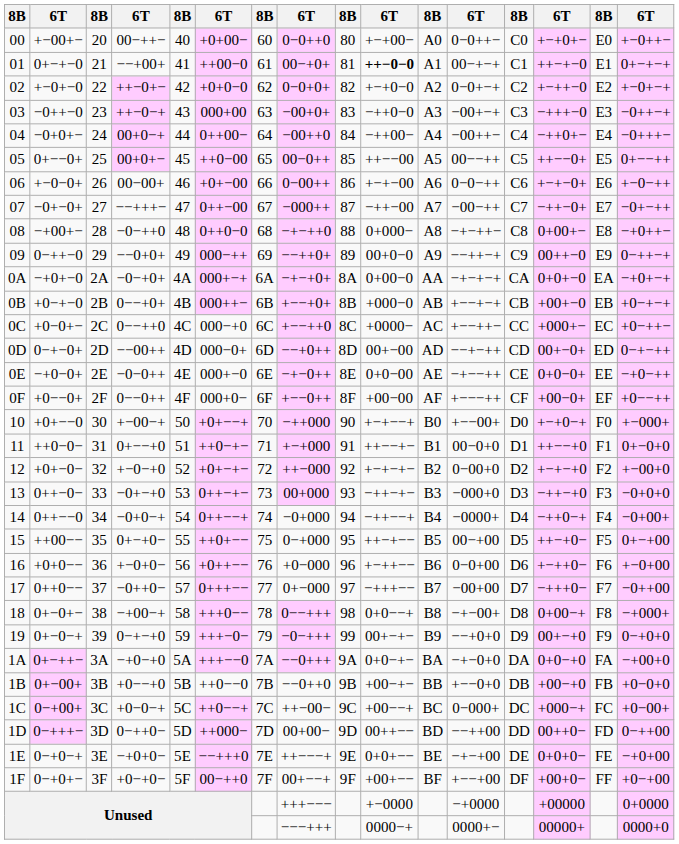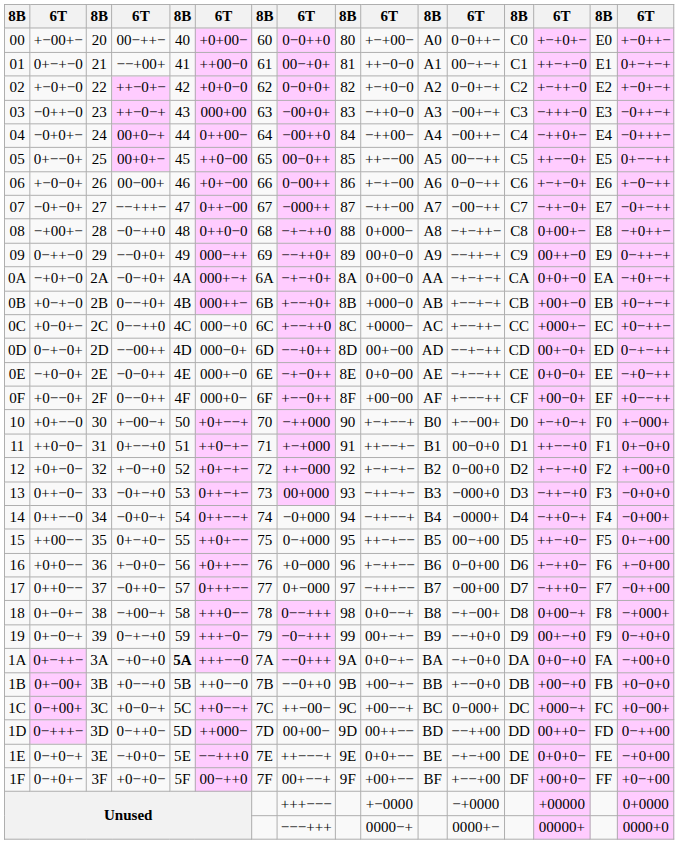 <table class=wikitable style="text-align:center">
 <tr>
 <th>8B</th>
 <th>6T</th>
 <th>8B</th>
 <th>6T</th>
 <th>8B</th>
 <th>6T</th>
 <th>8B</th>
 <th>6T</th>
 <th>8B</th>
 <th>6T</th>
 <th>8B</th>
 <th>6T</th>
 <th>8B</th>
 <th>6T</th>
 <th>8B</th>
 <th>6T</th>
 </tr>
 <tr>
 <td>00</td>
 <td>+−00+−</td>
 <td>20</td>
 <td>00−++−</td>
 <td>40</td>
 <td style="background:#fcf">+0+00−</td>
 <td>60</td>
 <td style="background:#fcf">0−0++0</td>
 <td>80</td>
 <td>+−+00−</td>
 <td>A0</td>
 <td>0−0++−</td>
 <td>C0</td>
 <td style="background:#fcf">+−+0+−</td>
 <td>E0</td>
 <td style="background:#fcf">+−0++−</td>
 </tr>
 <tr>
 <td>01</td>
 <td>0+−+−0</td>
 <td>21</td>
 <td>−−+00+</td>
 <td>41</td>
 <td style="background:#fcf">++00−0</td>
 <td>61</td>
 <td style="background:#fcf">00−+0+</td>
 <td>81</td>
-<td><strong>++−0−0</strong></td>
+<td>++−0−0</td>
 <td>A1</td>
 <td>00−+−+</td>
 <td>C1</td>
 <td style="background:#fcf">++−+−0</td>
 <td>E1</td>
 <td style="background:#fcf">0+−+−+</td>
 </tr>
 <tr>
 <td>02</td>
 <td>+−0+−0</td>
 <td>22</td>
 <td style="background:#fcf">++−0+−</td>
 <td>42</td>
 <td style="background:#fcf">+0+0−0</td>
 <td>62</td>
 <td style="background:#fcf">0−0+0+</td>
 <td>82</td>
 <td>+−+0−0</td>
 <td>A2</td>
 <td>0−0+−+</td>
 <td>C2</td>
 <td style="background:#fcf">+−++−0</td>
 <td>E2</td>
 <td style="background:#fcf">+−0+−+</td>
 </tr>
 <tr>
 <td>03</td>
 <td>−0++−0</td>
 <td>23</td>
 <td style="background:#fcf">++−0−+</td>
 <td>43</td>
 <td style="background:#fcf">000+00</td>
 <td>63</td>
 <td style="background:#fcf">−00+0+</td>
 <td>83</td>
 <td>−++0−0</td>
 <td>A3</td>
 <td>−00+−+</td>
 <td>C3</td>
 <td style="background:#fcf">−+++−0</td>
 <td>E3</td>
 <td style="background:#fcf">−0++−+</td>
 </tr>
 <tr>
 <td>04</td>
 <td>−0+0+−</td>
 <td>24</td>
 <td style="background:#fcf">00+0−+</td>
 <td>44</td>
 <td style="background:#fcf">0++00−</td>
 <td>64</td>
 <td style="background:#fcf">−00++0</td>
 <td>84</td>
 <td>−++00−</td>
 <td>A4</td>
 <td>−00++−</td>
 <td>C4</td>
 <td style="background:#fcf">−++0+−</td>
 <td>E4</td>
 <td style="background:#fcf">−0+++−</td>
 </tr>
 <tr>
 <td>05</td>
 <td>0+−−0+</td>
 <td>25</td>
 <td style="background:#fcf">00+0+−</td>
 <td>45</td>
 <td style="background:#fcf">++0−00</td>
 <td>65</td>
 <td style="background:#fcf">00−0++</td>
 <td>85</td>
 <td>++−−00</td>
 <td>A5</td>
 <td>00−−++</td>
 <td>C5</td>
 <td style="background:#fcf">++−−0+</td>
 <td>E5</td>
 <td style="background:#fcf">0+−−++</td>
 </tr>
 <tr>
 <td>06</td>
 <td>+−0−0+</td>
 <td>26</td>
 <td>00−00+</td>
 <td>46</td>
 <td style="background:#fcf">+0+−00</td>
 <td>66</td>
 <td style="background:#fcf">0−00++</td>
 <td>86</td>
 <td>+−+−00</td>
 <td>A6</td>
 <td>0−0−++</td>
 <td>C6</td>
 <td style="background:#fcf">+−+−0+</td>
 <td>E6</td>
 <td style="background:#fcf">+−0−++</td>
 </tr>
 <tr>
 <td>07</td>
 <td>−0+−0+</td>
 <td>27</td>
 <td>−−+++−</td>
 <td>47</td>
 <td style="background:#fcf">0++−00</td>
 <td>67</td>
 <td style="background:#fcf">−000++</td>
 <td>87</td>
 <td>−++−00</td>
 <td>A7</td>
 <td>−00−++</td>
 <td>C7</td>
 <td style="background:#fcf">−++−0+</td>
 <td>E7</td>
 <td style="background:#fcf">−0+−++</td>
 </tr>
 <tr>
 <td>08</td>
 <td>−+00+−</td>
 <td>28</td>
 <td>−0−++0</td>
 <td>48</td>
 <td style="background:#fcf">0++0−0</td>
 <td>68</td>
 <td style="background:#fcf">−+−++0</td>
 <td>88</td>
 <td>0+000−</td>
 <td>A8</td>
 <td>−+−++−</td>
 <td>C8</td>
 <td style="background:#fcf">0+00+−</td>
 <td>E8</td>
 <td style="background:#fcf">−+0++−</td>
 </tr>
 <tr>
 <td>09</td>
 <td>0−++−0</td>
 <td>29</td>
 <td>−−0+0+</td>
 <td>49</td>
 <td style="background:#fcf">000−++</td>
 <td>69</td>
 <td style="background:#fcf">−−++0+</td>
 <td>89</td>
 <td>00+0−0</td>
 <td>A9</td>
 <td>−−++−+</td>
 <td>C9</td>
 <td style="background:#fcf">00++−0</td>
 <td>E9</td>
 <td style="background:#fcf">0−++−+</td>
 </tr>
 <tr>
 <td>0A</td>
 <td>−+0+−0</td>
 <td>2A</td>
 <td>−0−+0+</td>
 <td>4A</td>
 <td style="background:#fcf">000+−+</td>
 <td>6A</td>
 <td style="background:#fcf">−+−+0+</td>
 <td>8A</td>
 <td>0+00−0</td>
 <td>AA</td>
 <td>−+−+−+</td>
 <td>CA</td>
 <td style="background:#fcf">0+0+−0</td>
 <td>EA</td>
 <td style="background:#fcf">−+0+−+</td>
 </tr>
 <tr>
 <td>0B</td>
 <td>+0−+−0</td>
 <td>2B</td>
 <td>0−−+0+</td>
 <td>4B</td>
 <td style="background:#fcf">000++−</td>
 <td>6B</td>
 <td style="background:#fcf">+−−+0+</td>
 <td>8B</td>
 <td>+000−0</td>
 <td>AB</td>
 <td>+−−+−+</td>
 <td>CB</td>
 <td style="background:#fcf">+00+−0</td>
 <td>EB</td>
 <td style="background:#fcf">+0−+−+</td>
 </tr>
 <tr>
 <td>0C</td>
 <td>+0−0+−</td>
 <td>2C</td>
 <td>0−−++0</td>
 <td>4C</td>
 <td>000−+0</td>
 <td>6C</td>
 <td style="background:#fcf">+−−++0</td>
 <td>8C</td>
 <td>+0000−</td>
 <td>AC</td>
 <td>+−−++−</td>
 <td>CC</td>
 <td style="background:#fcf">+000+−</td>
 <td>EC</td>
 <td style="background:#fcf">+0−++−</td>
 </tr>
 <tr>
 <td>0D</td>
 <td>0−+−0+</td>
 <td>2D</td>
 <td>−−00++</td>
 <td>4D</td>
 <td>000−0+</td>
 <td>6D</td>
 <td style="background:#fcf">−−+0++</td>
 <td>8D</td>
 <td>00+−00</td>
 <td>AD</td>
 <td>−−+−++</td>
 <td>CD</td>
 <td style="background:#fcf">00+−0+</td>
 <td>ED</td>
 <td style="background:#fcf">0−+−++</td>
 </tr>
 <tr>
 <td>0E</td>
 <td>−+0−0+</td>
 <td>2E</td>
 <td>−0−0++</td>
 <td>4E</td>
 <td>000+−0</td>
 <td>6E</td>
 <td style="background:#fcf">−+−0++</td>
 <td>8E</td>
 <td>0+0−00</td>
 <td>AE</td>
 <td>−+−−++</td>
 <td>CE</td>
 <td style="background:#fcf">0+0−0+</td>
 <td>EE</td>
 <td style="background:#fcf">−+0−++</td>
 </tr>
 <tr>
 <td>0F</td>
 <td>+0−−0+</td>
 <td>2F</td>
 <td>0−−0++</td>
 <td>4F</td>
 <td>000+0−</td>
 <td>6F</td>
 <td style="background:#fcf">+−−0++</td>
 <td>8F</td>
 <td>+00−00</td>
 <td>AF</td>
 <td>+−−−++</td>
 <td>CF</td>
 <td style="background:#fcf">+00−0+</td>
 <td>EF</td>
 <td style="background:#fcf">+0−−++</td>
 </tr>
 <tr>
 <td>10</td>
 <td>+0+−−0</td>
 <td>30</td>
 <td>+−00−+</td>
 <td>50</td>
 <td style="background:#fcf">+0+−−+</td>
 <td>70</td>
 <td style="background:#fcf">−++000</td>
 <td>90</td>
 <td>+−+−−+</td>
 <td>B0</td>
 <td>+−−00+</td>
 <td>D0</td>
 <td style="background:#fcf">+−+0−+</td>
 <td>F0</td>
 <td style="background:#fcf">+−000+</td>
 </tr>
 <tr>
 <td>11</td>
 <td>++0−0−</td>
 <td>31</td>
 <td>0+−−+0</td>
 <td>51</td>
 <td style="background:#fcf">++0−+−</td>
 <td>71</td>
 <td style="background:#fcf">+−+000</td>
 <td>91</td>
 <td>++−−+−</td>
 <td>B1</td>
 <td>00−0+0</td>
 <td>D1</td>
 <td style="background:#fcf">++−−+0</td>
 <td>F1</td>
 <td style="background:#fcf">0+−0+0</td>
 </tr>
 <tr>
 <td>12</td>
 <td>+0+−0−</td>
 <td>32</td>
 <td>+−0−+0</td>
 <td>52</td>
 <td style="background:#fcf">+0+−+−</td>
 <td>72</td>
 <td style="background:#fcf">++−000</td>
 <td>92</td>
 <td>+−+−+−</td>
 <td>B2</td>
 <td>0−00+0</td>
 <td>D2</td>
 <td style="background:#fcf">+−+−+0</td>
 <td>F2</td>
 <td style="background:#fcf">+−00+0</td>
 </tr>
 <tr>
 <td>13</td>
 <td>0++−0−</td>
 <td>33</td>
 <td>−0+−+0</td>
 <td>53</td>
 <td style="background:#fcf">0++−+−</td>
 <td>73</td>
 <td style="background:#fcf">00+000</td>
 <td>93</td>
 <td>−++−+−</td>
 <td>B3</td>
 <td>−000+0</td>
 <td>D3</td>
 <td style="background:#fcf">−++−+0</td>
 <td>F3</td>
 <td style="background:#fcf">−0+0+0</td>
 </tr>
 <tr>
 <td>14</td>
 <td>0++−−0</td>
 <td>34</td>
 <td>−0+0−+</td>
 <td>54</td>
 <td style="background:#fcf">0++−−+</td>
 <td>74</td>
 <td>−0+000</td>
 <td>94</td>
 <td>−++−−+</td>
 <td>B4</td>
 <td>−0000+</td>
 <td>D4</td>
 <td style="background:#fcf">−++0−+</td>
 <td>F4</td>
 <td style="background:#fcf">−0+00+</td>
 </tr>
 <tr>
 <td>15</td>
 <td>++00−−</td>
 <td>35</td>
 <td>0+−+0−</td>
 <td>55</td>
 <td style="background:#fcf">++0+−−</td>
 <td>75</td>
 <td>0−+000</td>
 <td>95</td>
 <td>++−+−−</td>
 <td>B5</td>
 <td>00−+00</td>
 <td>D5</td>
 <td style="background:#fcf">++−+0−</td>
 <td>F5</td>
 <td style="background:#fcf">0+−+00</td>
 </tr>
 <tr>
 <td>16</td>
 <td>+0+0−−</td>
 <td>36</td>
 <td>+−0+0−</td>
 <td>56</td>
 <td style="background:#fcf">+0++−−</td>
 <td>76</td>
 <td>+0−000</td>
 <td>96</td>
 <td>+−++−−</td>
 <td>B6</td>
 <td>0−0+00</td>
 <td>D6</td>
 <td style="background:#fcf">+−++0−</td>
 <td>F6</td>
 <td style="background:#fcf">+−0+00</td>
 </tr>
 <tr>
 <td>17</td>
 <td>0++0−−</td>
 <td>37</td>
 <td>−0++0−</td>
 <td>57</td>
 <td style="background:#fcf">0+++−−</td>
 <td>77</td>
 <td>0+−000</td>
 <td>97</td>
 <td>−+++−−</td>
 <td>B7</td>
 <td>−00+00</td>
 <td>D7</td>
 <td style="background:#fcf">−+++0−</td>
 <td>F7</td>
 <td style="background:#fcf">−0++00</td>
 </tr>
 <tr>
 <td>18</td>
 <td>0+−0+−</td>
 <td>38</td>
 <td>−+00−+</td>
 <td>58</td>
 <td style="background:#fcf">+++0−−</td>
 <td>78</td>
 <td style="background:#fcf">0−−+++</td>
 <td>98</td>
 <td>0+0−−+</td>
 <td>B8</td>
 <td>−+−00+</td>
 <td>D8</td>
 <td style="background:#fcf">0+00−+</td>
 <td>F8</td>
 <td style="background:#fcf">−+000+</td>
 </tr>
 <tr>
 <td>19</td>
 <td>0+−0−+</td>
 <td>39</td>
 <td>0−+−+0</td>
 <td>59</td>
 <td style="background:#fcf">+++−0−</td>
 <td>79</td>
 <td style="background:#fcf">−0−+++</td>
 <td>99</td>
 <td>00+−+−</td>
 <td>B9</td>
 <td>−−+0+0</td>
 <td>D9</td>
 <td style="background:#fcf">00+−+0</td>
 <td>F9</td>
 <td style="background:#fcf">0−+0+0</td>
 </tr>
 <tr>
 <td>1A</td>
 <td style="background:#fcf">0+−++−</td>
 <td>3A</td>
 <td>−+0−+0</td>
-<td>5A</td>
+<td><strong>5A</strong></td>
 <td style="background:#fcf">+++−−0</td>
 <td>7A</td>
 <td style="background:#fcf">−−0+++</td>
 <td>9A</td>
 <td>0+0−+−</td>
 <td>BA</td>
 <td>−+−0+0</td>
 <td>DA</td>
 <td style="background:#fcf">0+0−+0</td>
 <td>FA</td>
 <td style="background:#fcf">−+00+0</td>
 </tr>
 <tr>
 <td>1B</td>
 <td style="background:#fcf">0+−00+</td>
 <td>3B</td>
 <td>+0−−+0</td>
 <td>5B</td>
 <td>++0−−0</td>
 <td>7B</td>
 <td>−−0++0</td>
 <td>9B</td>
 <td>+00−+−</td>
 <td>BB</td>
 <td>+−−0+0</td>
 <td>DB</td>
 <td style="background:#fcf">+00−+0</td>
 <td>FB</td>
 <td style="background:#fcf">+0−0+0</td>
 </tr>
 <tr>
 <td>1C</td>
 <td style="background:#fcf">0−+00+</td>
 <td>3C</td>
 <td>+0−0−+</td>
 <td>5C</td>
 <td style="background:#fcf">++0−−+</td>
 <td>7C</td>
 <td>++−00−</td>
 <td>9C</td>
 <td>+00−−+</td>
 <td>BC</td>
 <td>0−000+</td>
 <td>DC</td>
 <td style="background:#fcf">+000−+</td>
 <td>FC</td>
 <td style="background:#fcf">+0−00+</td>
 </tr>
 <tr>
 <td>1D</td>
 <td style="background:#fcf">0−+++−</td>
 <td>3D</td>
 <td>0−++0−</td>
 <td>5D</td>
 <td style="background:#fcf">++000−</td>
 <td>7D</td>
 <td>00+00−</td>
 <td>9D</td>
 <td>00++−−</td>
 <td>BD</td>
 <td>−−++00</td>
 <td>DD</td>
 <td style="background:#fcf">00++0−</td>
 <td>FD</td>
 <td style="background:#fcf">0−++00</td>
 </tr>
 <tr>
 <td>1E</td>
 <td>0−+0−+</td>
 <td>3E</td>
 <td>−+0+0−</td>
 <td>5E</td>
 <td style="background:#fcf">−−+++0</td>
 <td>7E</td>
 <td>++−−−+</td>
 <td>9E</td>
 <td>0+0+−−</td>
 <td>BE</td>
 <td>−+−+00</td>
 <td>DE</td>
 <td style="background:#fcf">0+0+0−</td>
 <td>FE</td>
 <td style="background:#fcf">−+0+00</td>
 </tr>
 <tr>
 <td>1F</td>
 <td>0−+0+−</td>
 <td>3F</td>
 <td>+0−+0−</td>
 <td>5F</td>
 <td style="background:#fcf">00−++0</td>
 <td>7F</td>
 <td>00+−−+</td>
 <td>9F</td>
 <td>+00+−−</td>
 <td>BF</td>
 <td>+−−+00</td>
 <td>DF</td>
 <td style="background:#fcf">+00+0−</td>
 <td>FF</td>
 <td style="background:#fcf">+0−+00</td>
 </tr>
 <tr>
 <th colspan=6 rowspan=2>Unused</th>
 <td></td>
 <td>+++−−−</td>
 <td></td>
 <td>+−0000</td>
 <td></td>
 <td>−+0000</td>
 <td></td>
 <td style="background:#fcf">+00000</td>
 <td></td>
 <td style="background:#fcf">0+0000</td>
 </tr>
 <tr>
 <td></td>
 <td>−−−+++</td>
 <td></td>
 <td>0000−+</td>
 <td></td>
 <td>0000+−</td>
 <td></td>
 <td style="background:#fcf">00000+</td>
 <td></td>
 <td style="background:#fcf">0000+0</td>
 </tr>
 </table>
